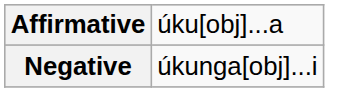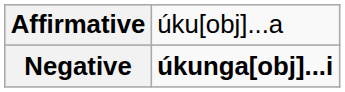 <table class="wikitable">
 <tr>
 <th>Affirmative</th>
 <td>úku[obj]...a</td>
 </tr>
 <tr>
 <th>Negative</th>
-<td>úkunga[obj]...i</td>
+<td><strong>úkunga[obj]...i</strong></td>
 </tr>
 </table>
